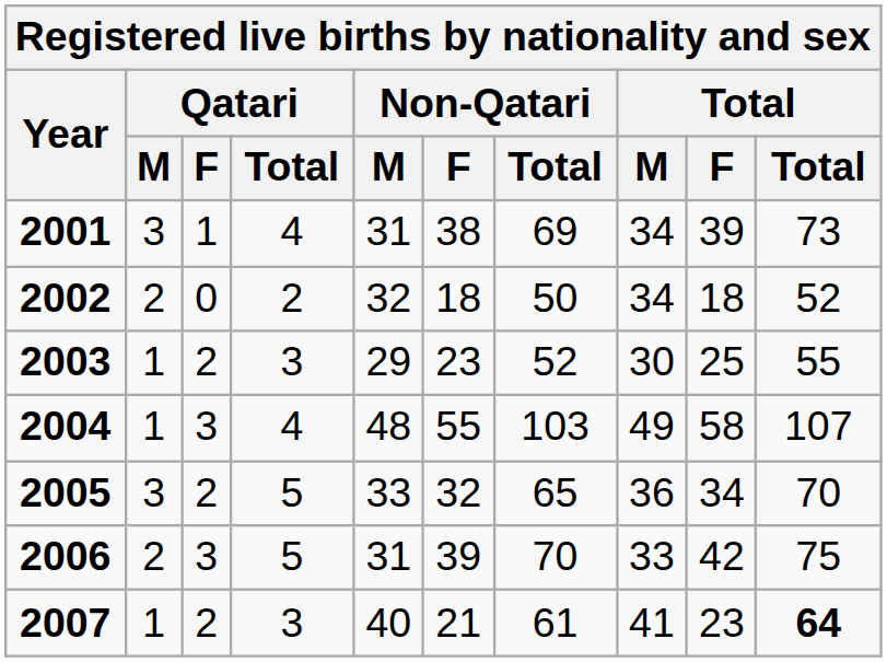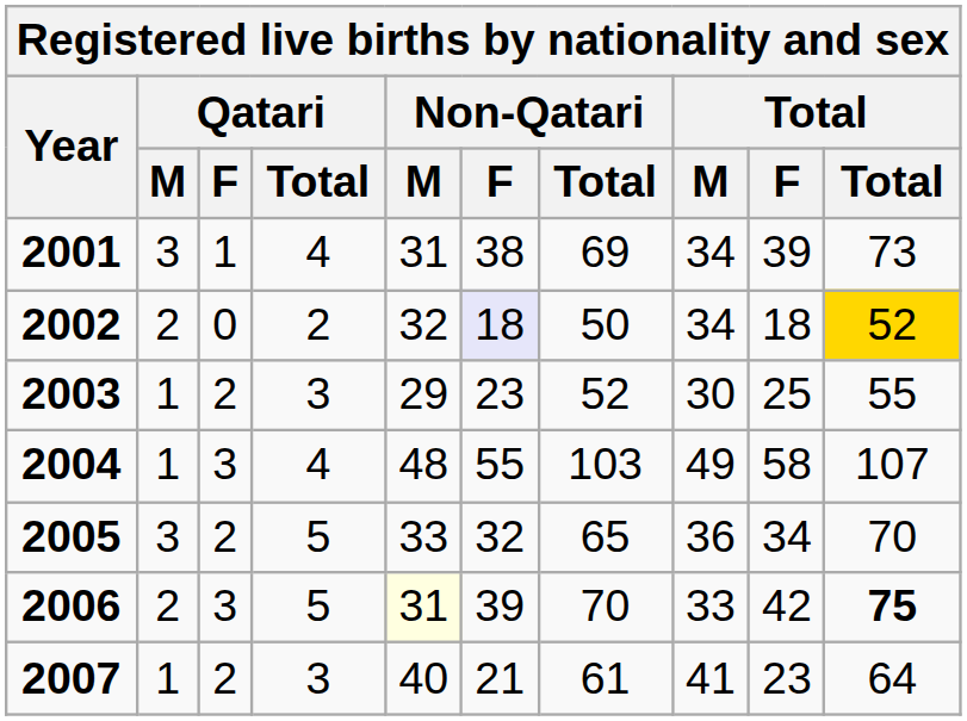 <table class="wikitable" style="text-align: center;">
 <tr>
 <th colspan="10">Registered live births by nationality and sex</th>
 </tr>
 <tr>
 <th rowspan="2">Year</th>
 <th colspan="3">Qatari</th>
 <th colspan="3">Non-Qatari</th>
 <th colspan="3">Total</th>
 </tr>
 <tr>
 <th>M</th>
 <th>F</th>
 <th>Total</th>
 <th>M</th>
 <th>F</th>
 <th>Total</th>
 <th>M</th>
 <th>F</th>
 <th>Total</th>
 </tr>
 <tr>
 <td><strong>2001</strong></td>
 <td>3</td>
 <td>1</td>
 <td>4</td>
 <td>31</td>
 <td>38</td>
 <td>69</td>
 <td>34</td>
 <td>39</td>
 <td>73</td>
 </tr>
 <tr>
 <td><strong>2002</strong></td>
 <td>2</td>
 <td>0</td>
 <td>2</td>
 <td>32</td>
-<td>18</td>
+<td style="background: lavender;">18</td>
 <td>50</td>
 <td>34</td>
 <td>18</td>
-<td>52</td>
+<td style="background: gold;">52</td>
 </tr>
 <tr>
 <td><strong>2003</strong></td>
 <td>1</td>
 <td>2</td>
 <td>3</td>
 <td>29</td>
 <td>23</td>
 <td>52</td>
 <td>30</td>
 <td>25</td>
 <td>55</td>
 </tr>
 <tr>
 <td><strong>2004</strong></td>
 <td>1</td>
 <td>3</td>
 <td>4</td>
 <td>48</td>
 <td>55</td>
 <td>103</td>
 <td>49</td>
 <td>58</td>
 <td>107</td>
 </tr>
 <tr>
 <td><strong>2005</strong></td>
 <td>3</td>
 <td>2</td>
 <td>5</td>
 <td>33</td>
 <td>32</td>
 <td>65</td>
 <td>36</td>
 <td>34</td>
 <td>70</td>
 </tr>
 <tr>
 <td><strong>2006</strong></td>
 <td>2</td>
 <td>3</td>
 <td>5</td>
-<td>31</td>
+<td style="background: lightyellow;">31</td>
 <td>39</td>
 <td>70</td>
 <td>33</td>
 <td>42</td>
-<td>75</td>
+<td><strong>75</strong></td>
 </tr>
 <tr>
 <td><strong>2007</strong></td>
 <td>1</td>
 <td>2</td>
 <td>3</td>
 <td>40</td>
 <td>21</td>
 <td>61</td>
 <td>41</td>
 <td>23</td>
-<td><strong>64</strong></td>
+<td>64</td>
 </tr>
 </table>
